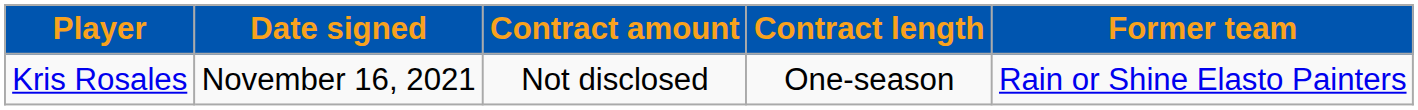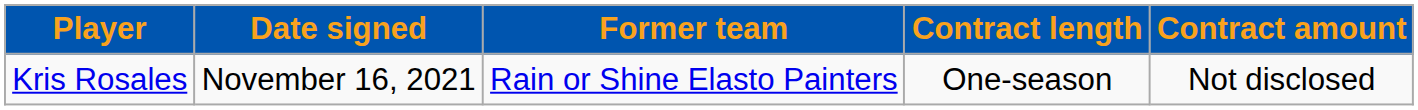 <table class="wikitable sortable sortable">
 <tr>
 <th style="background:#0055AF; color:#F9A21D; ">Player</th>
 <th style="background:#0055AF; color:#F9A21D; ">Date signed</th>
+<th style="background:#0055AF; color:#F9A21D; ">Former team</th>
+<th style="background:#0055AF; color:#F9A21D; ">Contract length</th>
 <th style="background:#0055AF; color:#F9A21D; ">Contract amount</th>
-<th style="background:#0055AF; color:#F9A21D; ">Contract length</th>
-<th style="background:#0055AF; color:#F9A21D; ">Former team</th>
 </tr>
 <tr>
 <td align=center><a href='#'>Kris Rosales</a></td>
 <td align=center>November 16, 2021</td>
+<td align=center><a href='#'>Rain or Shine Elasto Painters</a></td>
+<td align=center>One-season</td>
 <td align=center>Not disclosed</td>
-<td align=center>One-season</td>
-<td align=center><a href='#'>Rain or Shine Elasto Painters</a></td>
 </tr>
 </table>
